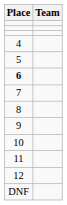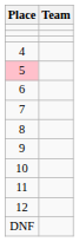 <table class="wikitable">
 <tr>
 <th>Place</th>
 <th>Team</th>
 </tr>
 <tr>
 <td align=center></td>
 <td></td>
 </tr>
 <tr>
 <td align=center></td>
 <td></td>
 </tr>
 <tr>
 <td align=center></td>
 <td></td>
 </tr>
 <tr>
 <td align=center>4</td>
 <td></td>
 </tr>
 <tr>
-<td align=center>5</td>
+<td align=center style="background: pink;">5</td>
 <td></td>
 </tr>
 <tr>
-<td align=center><strong>6</strong></td>
+<td align=center>6</td>
 <td></td>
 </tr>
 <tr>
 <td align=center>7</td>
 <td></td>
 </tr>
 <tr>
 <td align=center>8</td>
 <td></td>
 </tr>
 <tr>
 <td align=center>9</td>
 <td></td>
 </tr>
 <tr>
 <td align=center>10</td>
 <td></td>
 </tr>
 <tr>
 <td align=center>11</td>
 <td></td>
 </tr>
 <tr>
 <td align=center>12</td>
 <td></td>
 </tr>
 <tr>
 <td align=center>DNF</td>
 <td></td>
 </tr>
 </table>
